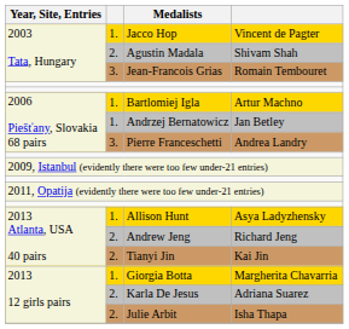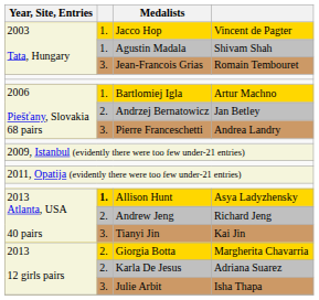 <table class="wikitable">
 <tr>
 <th>Year, Site, Entries</th>
 <th></th>
 <th>Medalists</th>
 <th></th>
 </tr>
 <tr bgcolor="gold">
 <td rowspan=3 bgcolor="beige" valign="Top">2003<br><br><a href='#'>Tata</a>, Hungary <br></td>
 <td>1. </td>
 <td> Jacco Hop</td>
 <td> Vincent de Pagter  </td>
 </tr>
 <tr bgcolor="silver">
-<td>2.</td>
+<td>1.</td>
 <td> Agustin Madala</td>
 <td> Shivam Shah</td>
 </tr>
 <tr bgcolor="cc9966">
 <td>3.</td>
 <td> Jean-Francois Grias  </td>
 <td> Romain Tembouret</td>
 </tr>
 <tr>
 <td colspan=4></td>
 </tr>
 <tr>
 <td colspan=4></td>
 </tr>
 <tr bgcolor="gold">
 <td rowspan=3 bgcolor="beige" valign="Top">2006<br><br><a href='#'>Piešťany</a>, Slovakia   <br>68 pairs</td>
 <td>1.</td>
 <td> Bartlomiej Igla</td>
 <td> Artur Machno</td>
 </tr>
 <tr bgcolor="silver">
-<td>1. </td>
+<td>2.</td>
 <td> Andrzej Bernatowicz</td>
 <td> Jan Betley</td>
 </tr>
 <tr bgcolor="cc9966">
 <td>3.</td>
 <td> Pierre Franceschetti</td>
 <td> Andrea Landry</td>
 </tr>
 <tr>
 <td colspan=4></td>
 </tr>
 <tr>
 <td colspan=4 bgcolor="beige">2009, <a href='#'>Istanbul</a> <small>(evidently there were too few under-21 entries)</small></td>
 </tr>
 <tr>
 <td colspan=4></td>
 </tr>
 <tr>
 <td colspan=4 bgcolor="beige">2011, <a href='#'>Opatija</a> <small>(evidently there were too few under-21 entries)</small></td>
 </tr>
 <tr>
 <td colspan=4></td>
 </tr>
 <tr bgcolor="gold">
 <td rowspan=3 bgcolor="beige" valign="Top">2013<br><a href='#'>Atlanta</a>, USA <br> <br>40 pairs </td>
-<td>1.</td>
+<td><strong>1.</strong></td>
 <td> Allison Hunt</td>
 <td> Asya Ladyzhensky </td>
 </tr>
 <tr bgcolor="silver">
 <td>2.</td>
 <td> Andrew Jeng</td>
 <td> Richard Jeng</td>
 </tr>
 <tr bgcolor="cc9966">
-<td>2.</td>
+<td>3.</td>
 <td> Tianyi Jin</td>
 <td> Kai Jin</td>
 </tr>
 <tr bgcolor="gold">
 <td rowspan=3 bgcolor="beige" valign="Top">2013 <br><br>12 girls pairs </td>
-<td>1.</td>
+<td>2.</td>
 <td> Giorgia Botta</td>
 <td> Margherita Chavarria </td>
 </tr>
 <tr bgcolor="silver">
 <td>2.</td>
 <td> Karla De Jesus</td>
 <td> Adriana Suarez</td>
 </tr>
 <tr bgcolor="cc9966">
-<td>2.</td>
+<td>3.</td>
 <td> Julie Arbit</td>
 <td> Isha Thapa</td>
 </tr>
 <tr>
 </tr>
 </table>
